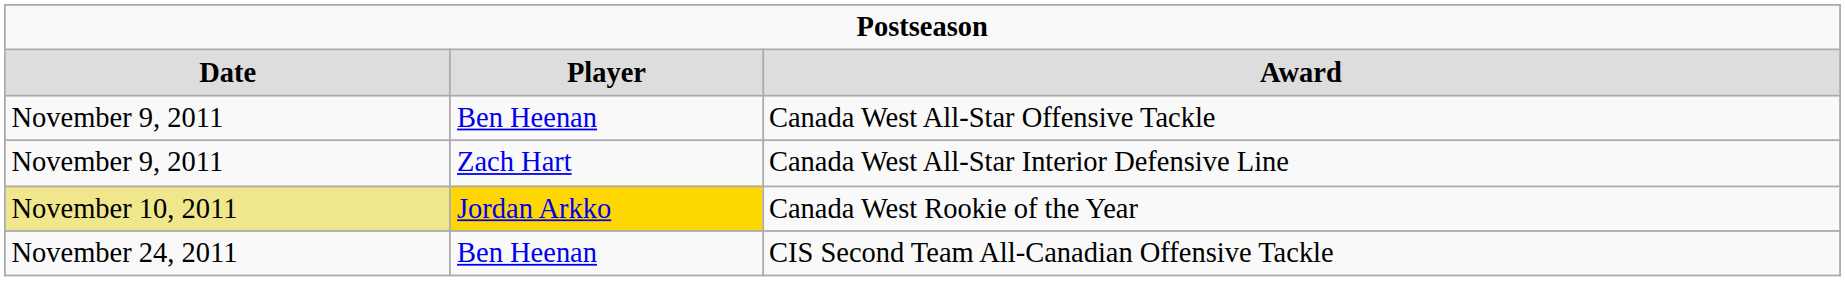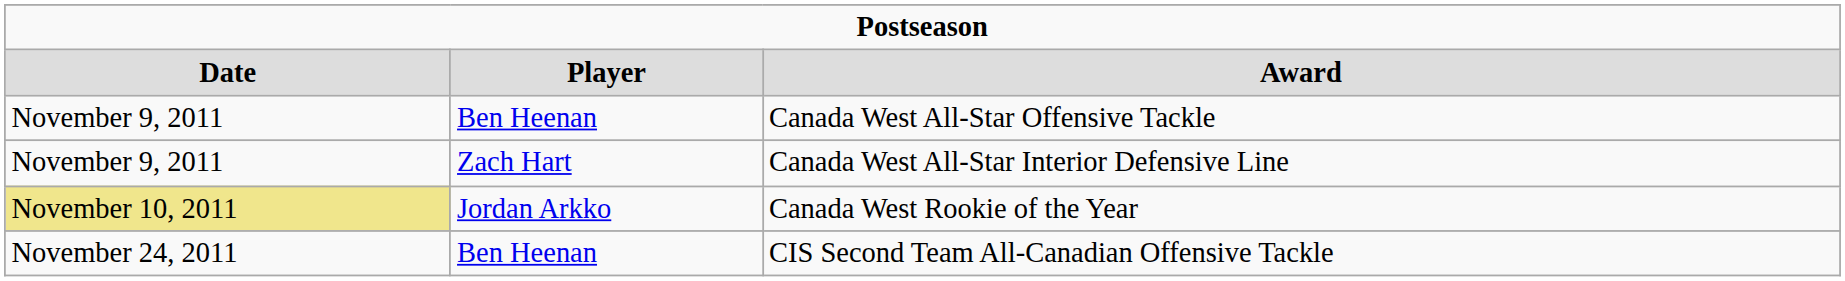 <table class="wikitable" width="52%">
 <tr>
 <td colspan="10" align="center"><strong>Postseason</strong></td>
 </tr>
 <tr align="center"  bgcolor="#dddddd">
 <td><strong>Date</strong></td>
 <td><strong>Player</strong></td>
 <td><strong>Award</strong></td>
 </tr>
 <tr>
 <td>November 9, 2011</td>
 <td><a href='#'>Ben Heenan</a></td>
 <td>Canada West All-Star Offensive Tackle</td>
 </tr>
 <tr>
 <td>November 9, 2011</td>
 <td><a href='#'>Zach Hart</a></td>
 <td>Canada West All-Star Interior Defensive Line</td>
 </tr>
 <tr>
 <td style="background: khaki;">November 10, 2011</td>
-<td style="background: gold;"><a href='#'>Jordan Arkko</a></td>
+<td><a href='#'>Jordan Arkko</a></td>
 <td>Canada West Rookie of the Year</td>
 </tr>
 <tr>
 <td>November 24, 2011</td>
 <td><a href='#'>Ben Heenan</a></td>
 <td>CIS Second Team All-Canadian Offensive Tackle</td>
 </tr>
 </table>
